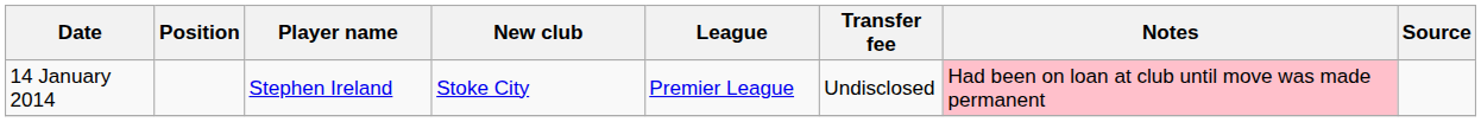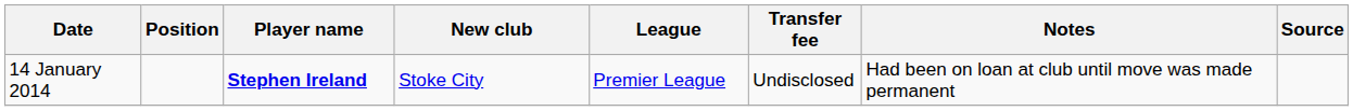 <table class="wikitable">
 <tr>
 <th width=110>Date</th>
 <th width=30>Position</th>
 <th width=140>Player name</th>
 <th width=160>New club</th>
 <th width=130>League</th>
 <th width=90>Transfer fee</th>
 <th width=350>Notes</th>
 <th width=10>Source</th>
 </tr>
 <tr>
 <td>14 January 2014</td>
 <td></td>
-<td> <a href='#'>Stephen Ireland</a></td>
+<td><strong> <a href='#'>Stephen Ireland</a></strong></td>
 <td> <a href='#'>Stoke City</a></td>
 <td> <a href='#'>Premier League</a></td>
 <td>Undisclosed</td>
-<td style="background: pink;">Had been on loan at club until move was made permanent</td>
+<td>Had been on loan at club until move was made permanent</td>
 <td></td>
 </tr>
 <tr>
 </tr>
 </table>
